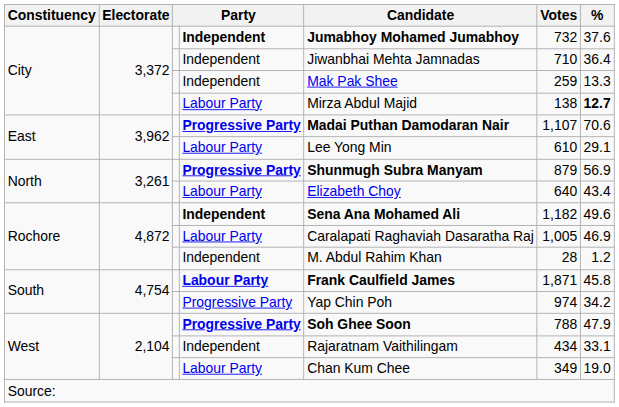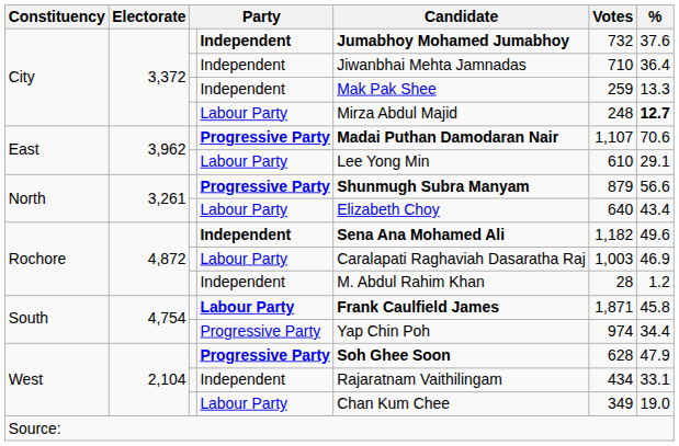 <table class="wikitable sortable">
 <tr>
 <th>Constituency</th>
 <th>Electorate</th>
 <th colspan="2">Party</th>
 <th>Candidate</th>
 <th>Votes</th>
 <th>%</th>
 </tr>
 <tr>
 <td rowspan="4">City</td>
 <td rowspan="4" align="right">3,372</td>
 <td style="color:inherit;background:"></td>
 <td><strong>Independent</strong></td>
 <td><strong>Jumabhoy Mohamed Jumabhoy</strong></td>
 <td align="right">732</td>
 <td align=right>37.6</td>
 </tr>
 <tr>
 <td style="color:inherit;background:"></td>
 <td>Independent</td>
 <td>Jiwanbhai Mehta Jamnadas</td>
 <td align="right">710</td>
 <td align=right>36.4</td>
 </tr>
 <tr>
 <td style="color:inherit;background:"></td>
 <td>Independent</td>
 <td><a href='#'>Mak Pak Shee</a></td>
 <td align="right">259</td>
 <td align=right>13.3</td>
 </tr>
 <tr>
 <td style="color:inherit;background:"></td>
 <td><a href='#'>Labour Party</a></td>
 <td>Mirza Abdul Majid</td>
-<td align="right">138</td>
+<td align="right">248</td>
 <td align=right><strong>12.7</strong></td>
 </tr>
 <tr>
 <td rowspan="2">East</td>
 <td rowspan="2" align="right">3,962</td>
 <td style="color:inherit;background:"></td>
 <td><strong><a href='#'>Progressive Party</a></strong></td>
 <td><strong>Madai Puthan Damodaran Nair</strong></td>
 <td align="right">1,107</td>
 <td align=right>70.6</td>
 </tr>
 <tr>
 <td style="color:inherit;background:"></td>
 <td><a href='#'>Labour Party</a></td>
 <td>Lee Yong Min</td>
 <td align="right">610</td>
 <td align=right>29.1</td>
 </tr>
 <tr>
 <td rowspan="2">North</td>
 <td rowspan="2" align="right">3,261</td>
 <td style="color:inherit;background:"></td>
 <td><strong><a href='#'>Progressive Party</a></strong></td>
 <td><strong>Shunmugh Subra Manyam</strong></td>
 <td align="right">879</td>
-<td align=right>56.9</td>
+<td align=right>56.6</td>
 </tr>
 <tr>
 <td style="color:inherit;background:"></td>
 <td><a href='#'>Labour Party</a></td>
 <td><a href='#'>Elizabeth Choy</a></td>
 <td align="right">640</td>
 <td align=right>43.4</td>
 </tr>
 <tr>
 <td rowspan="3">Rochore</td>
 <td rowspan="3" align="right">4,872</td>
 <td style="color:inherit;background:"></td>
 <td><strong>Independent</strong></td>
 <td><strong>Sena Ana Mohamed Ali</strong></td>
 <td align="right">1,182</td>
 <td align=right>49.6</td>
 </tr>
 <tr>
 <td style="color:inherit;background:"></td>
 <td><a href='#'>Labour Party</a></td>
 <td>Caralapati Raghaviah Dasaratha Raj</td>
-<td align="right">1,005</td>
+<td align="right">1,003</td>
 <td align=right>46.9</td>
 </tr>
 <tr>
 <td style="color:inherit;background:"></td>
 <td>Independent</td>
 <td>M. Abdul Rahim Khan</td>
 <td align="right">28</td>
 <td align=right>1.2</td>
 </tr>
 <tr>
 <td rowspan="2">South</td>
 <td rowspan="2" align="right">4,754</td>
 <td style="color:inherit;background:"></td>
 <td><strong><a href='#'>Labour Party</a></strong></td>
 <td><strong>Frank Caulfield James</strong></td>
 <td align="right">1,871</td>
 <td align=right>45.8</td>
 </tr>
 <tr>
 <td style="color:inherit;background:"></td>
 <td><a href='#'>Progressive Party</a></td>
 <td>Yap Chin Poh</td>
 <td align="right">974</td>
-<td align=right>34.2</td>
+<td align=right>34.4</td>
 </tr>
 <tr>
 <td rowspan="3">West</td>
 <td rowspan="3" align="right">2,104</td>
 <td style="color:inherit;background:"></td>
 <td><strong><a href='#'>Progressive Party</a></strong></td>
 <td><strong>Soh Ghee Soon</strong></td>
-<td align="right">788</td>
+<td align="right">628</td>
 <td align=right>47.9</td>
 </tr>
 <tr>
 <td style="color:inherit;background:"></td>
 <td>Independent</td>
 <td>Rajaratnam Vaithilingam</td>
 <td align="right">434</td>
 <td align=right>33.1</td>
 </tr>
 <tr>
 <td style="color:inherit;background:"></td>
 <td><a href='#'>Labour Party</a></td>
 <td>Chan Kum Chee</td>
 <td align="right">349</td>
 <td align=right>19.0</td>
 </tr>
 <tr class="sortbottom">
 <td colspan="7">Source: </td>
 </tr>
 </table>
